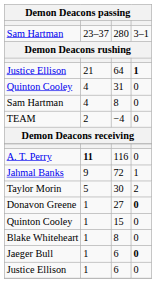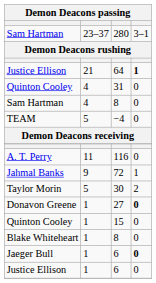 <table class="wikitable plainrowheaders">
 <tr>
 <th colspan="6">Demon Deacons passing</th>
 </tr>
 <tr>
 <th scope="col"></th>
 <th scope="col"></th>
 <th scope="col"></th>
 <th scope="col"></th>
 </tr>
 <tr>
 <td><a href='#'>Sam Hartman</a></td>
 <td>23–37</td>
 <td>280</td>
 <td>3–1</td>
 </tr>
 <tr>
 <th colspan="6">Demon Deacons rushing</th>
 </tr>
 <tr>
 <th scope="col"></th>
 <th scope="col"></th>
 <th scope="col"></th>
 <th scope="col"></th>
 </tr>
 <tr>
 <td><a href='#'>Justice Ellison</a></td>
 <td>21</td>
 <td>64</td>
 <td><strong>1</strong></td>
 </tr>
 <tr>
 <td><a href='#'>Quinton Cooley</a></td>
 <td>4</td>
 <td>31</td>
 <td>0</td>
 </tr>
 <tr>
 <td>Sam Hartman</td>
 <td>4</td>
 <td>8</td>
 <td>0</td>
 </tr>
 <tr>
 <td>TEAM</td>
-<td>2</td>
+<td>5</td>
 <td>−4</td>
 <td>0</td>
 </tr>
 <tr>
 <th colspan="6">Demon Deacons receiving</th>
 </tr>
 <tr>
 </tr>
 <tr>
 <th scope="col"></th>
 <th scope="col"></th>
 <th scope="col"></th>
 <th scope="col"></th>
 </tr>
 <tr>
 <td><a href='#'>A. T. Perry</a></td>
-<td><strong>11</strong></td>
+<td>11</td>
 <td>116</td>
 <td>0</td>
 </tr>
 <tr>
 <td><a href='#'>Jahmal Banks</a></td>
 <td>9</td>
 <td>72</td>
 <td>1</td>
 </tr>
 <tr>
 <td>Taylor Morin</td>
 <td>5</td>
 <td>30</td>
 <td>2</td>
 </tr>
 <tr>
 <td>Donavon Greene</td>
 <td>1</td>
 <td>27</td>
 <td><strong>0</strong></td>
 </tr>
 <tr>
 <td>Quinton Cooley</td>
 <td>1</td>
 <td>15</td>
 <td>0</td>
 </tr>
 <tr>
 <td>Blake Whiteheart</td>
 <td>1</td>
 <td>8</td>
 <td>0</td>
 </tr>
 <tr>
 <td>Jaeger Bull</td>
 <td>1</td>
 <td>6</td>
 <td><strong>0</strong></td>
 </tr>
 <tr>
 <td>Justice Ellison</td>
 <td>1</td>
 <td>6</td>
 <td>0</td>
 </tr>
 <tr>
 </tr>
 </table>
